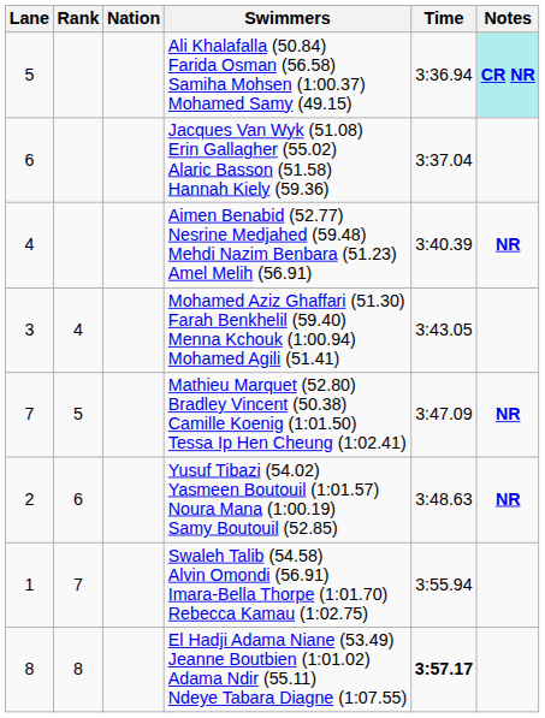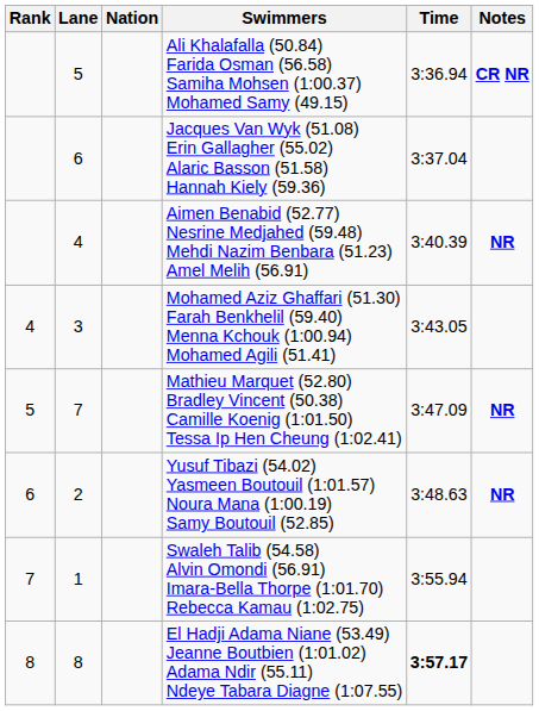 <table class="wikitable sortable" style="text-align:center">
 <tr>
+<th>Rank</th>
 <th>Lane</th>
-<th>Rank</th>
 <th>Nation</th>
 <th>Swimmers</th>
 <th>Time</th>
 <th>Notes</th>
 </tr>
 <tr>
+<td></td>
 <td>5</td>
-<td></td>
 <td align=left></td>
 <td align=left><a href='#'>Ali Khalafalla</a> (50.84)<br><a href='#'>Farida Osman</a> (56.58)<br><a href='#'>Samiha Mohsen</a> (1:00.37)<br><a href='#'>Mohamed Samy</a> (49.15)</td>
 <td>3:36.94</td>
-<td style="background: paleturquoise;"><strong><a href='#'>CR</a></strong> <strong><a href='#'>NR</a></strong></td>
+<td><strong><a href='#'>CR</a></strong> <strong><a href='#'>NR</a></strong></td>
 </tr>
 <tr>
+<td></td>
 <td>6</td>
-<td></td>
 <td align=left></td>
 <td align=left><a href='#'>Jacques Van Wyk</a> (51.08)<br><a href='#'>Erin Gallagher</a> (55.02)<br><a href='#'>Alaric Basson</a> (51.58)<br><a href='#'>Hannah Kiely</a> (59.36)</td>
 <td>3:37.04</td>
 <td></td>
 </tr>
 <tr>
+<td></td>
 <td>4</td>
-<td></td>
 <td align="left"></td>
 <td align=left><a href='#'>Aimen Benabid</a> (52.77)<br><a href='#'>Nesrine Medjahed</a> (59.48)<br><a href='#'>Mehdi Nazim Benbara</a> (51.23)<br><a href='#'>Amel Melih</a> (56.91)</td>
 <td>3:40.39</td>
 <td><strong><a href='#'>NR</a></strong></td>
 </tr>
 <tr>
+<td>4</td>
 <td>3</td>
-<td>4</td>
 <td align="left"></td>
 <td align=left><a href='#'>Mohamed Aziz Ghaffari</a> (51.30)<br><a href='#'>Farah Benkhelil</a> (59.40)<br><a href='#'>Menna Kchouk</a> (1:00.94)<br><a href='#'>Mohamed Agili</a> (51.41)</td>
 <td>3:43.05</td>
 <td></td>
 </tr>
 <tr>
+<td>5</td>
 <td>7</td>
-<td>5</td>
 <td align=left></td>
 <td align=left><a href='#'>Mathieu Marquet</a> (52.80)<br><a href='#'>Bradley Vincent</a> (50.38)<br><a href='#'>Camille Koenig</a> (1:01.50)<br><a href='#'>Tessa Ip Hen Cheung</a> (1:02.41)</td>
 <td>3:47.09</td>
 <td><strong><a href='#'>NR</a></strong></td>
 </tr>
 <tr>
+<td>6</td>
 <td>2</td>
-<td>6</td>
 <td align=left></td>
 <td align=left><a href='#'>Yusuf Tibazi</a> (54.02)<br><a href='#'>Yasmeen Boutouil</a> (1:01.57)<br><a href='#'>Noura Mana</a> (1:00.19)<br><a href='#'>Samy Boutouil</a> (52.85)</td>
 <td>3:48.63</td>
 <td><strong><a href='#'>NR</a></strong></td>
 </tr>
 <tr>
+<td>7</td>
 <td>1</td>
-<td>7</td>
 <td align=left></td>
 <td align=left><a href='#'>Swaleh Talib</a> (54.58)<br><a href='#'>Alvin Omondi</a> (56.91)<br><a href='#'>Imara-Bella Thorpe</a> (1:01.70)<br><a href='#'>Rebecca Kamau</a> (1:02.75)</td>
 <td>3:55.94</td>
 <td></td>
 </tr>
 <tr>
 <td>8</td>
 <td>8</td>
 <td align=left></td>
 <td align=left><a href='#'>El Hadji Adama Niane</a> (53.49)<br><a href='#'>Jeanne Boutbien</a> (1:01.02)<br><a href='#'>Adama Ndir</a> (55.11)<br><a href='#'>Ndeye Tabara Diagne</a> (1:07.55)</td>
 <td><strong>3:57.17</strong></td>
 <td></td>
 </tr>
 </table>
